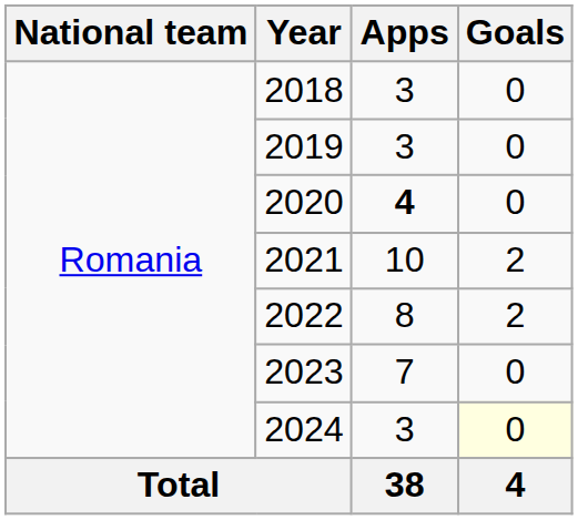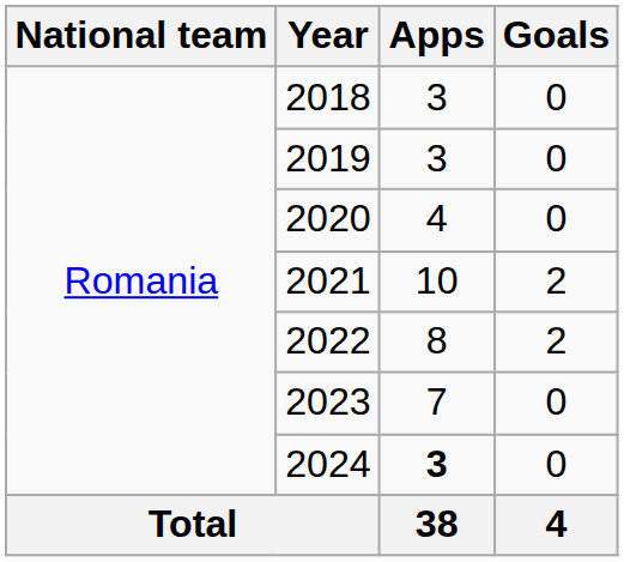 <table class="wikitable" style="text-align:center">
 <tr>
 <th>National team</th>
 <th>Year</th>
 <th>Apps</th>
 <th>Goals</th>
 </tr>
 <tr>
 <td rowspan="7"><a href='#'>Romania</a></td>
 <td>2018</td>
 <td>3</td>
 <td>0</td>
 </tr>
 <tr>
 <td>2019</td>
 <td>3</td>
 <td>0</td>
 </tr>
 <tr>
 <td>2020</td>
-<td><strong>4</strong></td>
+<td>4</td>
 <td>0</td>
 </tr>
 <tr>
 <td>2021</td>
 <td>10</td>
 <td>2</td>
 </tr>
 <tr>
 <td>2022</td>
 <td>8</td>
 <td>2</td>
 </tr>
 <tr>
 <td>2023</td>
 <td>7</td>
 <td>0</td>
 </tr>
 <tr>
 <td>2024</td>
-<td>3</td>
-<td style="background: lightyellow;">0</td>
+<td><strong>3</strong></td>
+<td>0</td>
 </tr>
 <tr>
 <th colspan="2">Total</th>
 <th>38</th>
 <th>4</th>
 </tr>
 </table>
